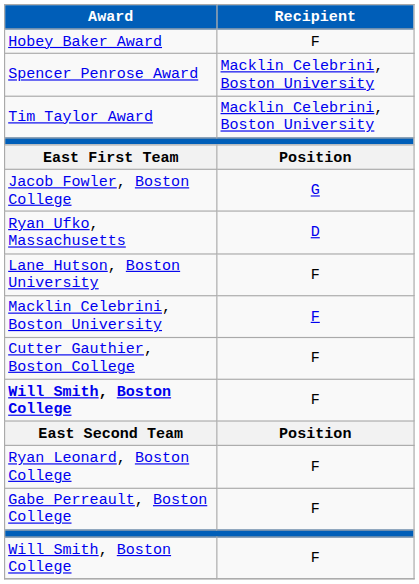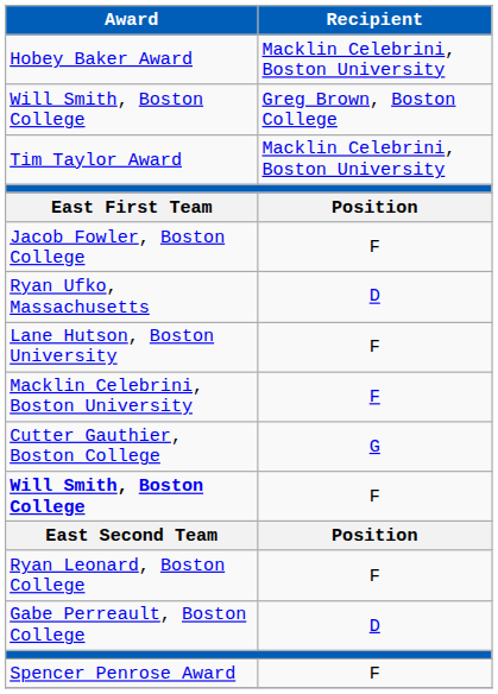 <table class="wikitable" width=40%>
 <tr>
 <th style="color:white; background:#005EB8">Award</th>
 <th style="color:white; background:#005EB8">Recipient</th>
 </tr>
 <tr>
 <td><a href='#'>Hobey Baker Award</a></td>
-<td align=center>F</td>
+<td><a href='#'>Macklin Celebrini</a>, <a href='#'>Boston University</a></td>
 </tr>
 <tr>
-<td><a href='#'>Spencer Penrose Award</a></td>
-<td><a href='#'>Macklin Celebrini</a>, <a href='#'>Boston University</a></td>
+<td><a href='#'>Will Smith</a>, <a href='#'>Boston College</a></td>
+<td><a href='#'>Greg Brown</a>, <a href='#'>Boston College</a></td>
 </tr>
 <tr>
 <td><a href='#'>Tim Taylor Award</a></td>
 <td><a href='#'>Macklin Celebrini</a>, <a href='#'>Boston University</a></td>
 </tr>
 <tr>
 <th style="color:white; background:#005EB8" colspan=2><a href='#'></a></th>
 </tr>
 <tr>
 <th>East First Team</th>
 <th>Position</th>
 </tr>
 <tr>
 <td><a href='#'>Jacob Fowler</a>, <a href='#'>Boston College</a></td>
-<td align=center><a href='#'>G</a></td>
+<td align=center>F</td>
 </tr>
 <tr>
 <td><a href='#'>Ryan Ufko</a>, <a href='#'>Massachusetts</a></td>
 <td align=center><a href='#'>D</a></td>
 </tr>
 <tr>
 <td><a href='#'>Lane Hutson</a>, <a href='#'>Boston University</a></td>
 <td align=center>F</td>
 </tr>
 <tr>
 <td><a href='#'>Macklin Celebrini</a>, <a href='#'>Boston University</a></td>
 <td align=center><a href='#'>F</a></td>
 </tr>
 <tr>
 <td><a href='#'>Cutter Gauthier</a>, <a href='#'>Boston College</a></td>
-<td align=center>F</td>
+<td align=center><a href='#'>G</a></td>
 </tr>
 <tr>
 <td><strong><a href='#'>Will Smith</a>, <a href='#'>Boston College</a></strong></td>
 <td align=center>F</td>
 </tr>
 <tr>
 <th>East Second Team</th>
 <th>Position</th>
 </tr>
 <tr>
 <td><a href='#'>Ryan Leonard</a>, <a href='#'>Boston College</a></td>
 <td align=center>F</td>
 </tr>
 <tr>
 <td><a href='#'>Gabe Perreault</a>, <a href='#'>Boston College</a></td>
-<td align=center>F</td>
+<td align=center><a href='#'>D</a></td>
 </tr>
 <tr>
 <th style="color:white; background:#005EB8" colspan=2><a href='#'></a></th>
 </tr>
 <tr>
-<td><a href='#'>Will Smith</a>, <a href='#'>Boston College</a></td>
+<td><a href='#'>Spencer Penrose Award</a></td>
 <td align=center>F</td>
 </tr>
 <tr>
 </tr>
 </table>
